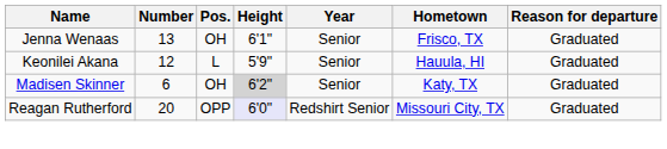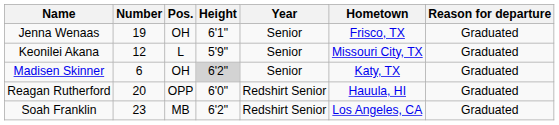 <table class="wikitable sortable" border="1">
 <tr>
 <th style="text-align:center; ">Name</th>
 <th style="text-align:center; ">Number</th>
 <th style="text-align:center; ">Pos.</th>
 <th style="text-align:center; ">Height</th>
 <th style="text-align:center; ">Year</th>
 <th style="text-align:center; ">Hometown</th>
 <th style="text-align:center; ">Reason for departure</th>
 </tr>
 <tr align="center">
 <td>Jenna Wenaas</td>
-<td>13</td>
+<td>19</td>
 <td>OH</td>
 <td>6'1"</td>
 <td>Senior</td>
 <td><a href='#'>Frisco, TX</a></td>
 <td>Graduated</td>
 </tr>
 <tr align="center">
 <td>Keonilei Akana</td>
 <td>12</td>
 <td>L</td>
 <td>5'9"</td>
 <td>Senior</td>
-<td><a href='#'>Hauula, HI</a></td>
+<td><a href='#'>Missouri City, TX</a></td>
 <td>Graduated</td>
 </tr>
 <tr align="center">
 <td><a href='#'>Madisen Skinner</a></td>
 <td>6</td>
 <td>OH</td>
 <td style="background: lightgrey;">6'2"</td>
 <td>Senior</td>
 <td><a href='#'>Katy, TX</a></td>
 <td>Graduated</td>
 </tr>
 <tr align="center">
 <td>Reagan Rutherford</td>
 <td>20</td>
 <td>OPP</td>
-<td style="background: lavender;">6'0"</td>
+<td>6'0"</td>
 <td>Redshirt Senior</td>
-<td><a href='#'>Missouri City, TX</a></td>
+<td><a href='#'>Hauula, HI</a></td>
+<td>Graduated</td>
+</tr>
+<tr align="center">
+<td>Soah Franklin</td>
+<td>23</td>
+<td>MB</td>
+<td>6'2"</td>
+<td>Redshirt Senior</td>
+<td><a href='#'>Los Angeles, CA</a></td>
 <td>Graduated</td>
 </tr>
 </table>
